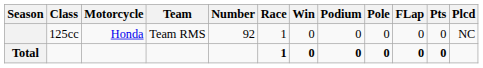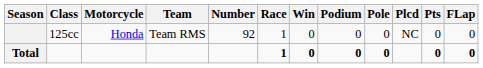 <table class="wikitable">
 <tr>
 <th>Season</th>
 <th>Class</th>
 <th>Motorcycle</th>
 <th>Team</th>
 <th>Number</th>
 <th>Race</th>
 <th>Win</th>
 <th>Podium</th>
 <th>Pole</th>
+<th>Plcd</th>
+<th>Pts</th>
 <th>FLap</th>
-<th>Pts</th>
-<th>Plcd</th>
 </tr>
 <tr align="right">
 <th></th>
 <td>125cc</td>
 <td><a href='#'>Honda</a></td>
 <td>Team RMS</td>
 <td>92</td>
 <td>1</td>
 <td>0</td>
 <td>0</td>
 <td>0</td>
+<td>NC</td>
 <td>0</td>
 <td>0</td>
-<td>NC</td>
 </tr>
 <tr align="right">
 <th>Total</th>
 <td></td>
 <td></td>
 <td></td>
 <td></td>
 <td><strong>1</strong></td>
 <td><strong>0</strong></td>
 <td><strong>0</strong></td>
 <td><strong>0</strong></td>
+<td></td>
 <td><strong>0</strong></td>
 <td><strong>0</strong></td>
-<td></td>
 </tr>
 </table>
